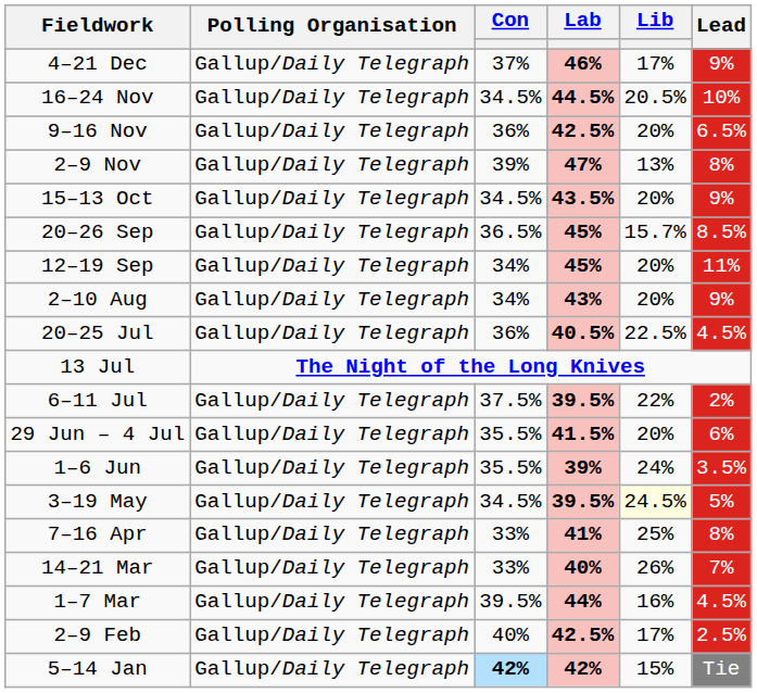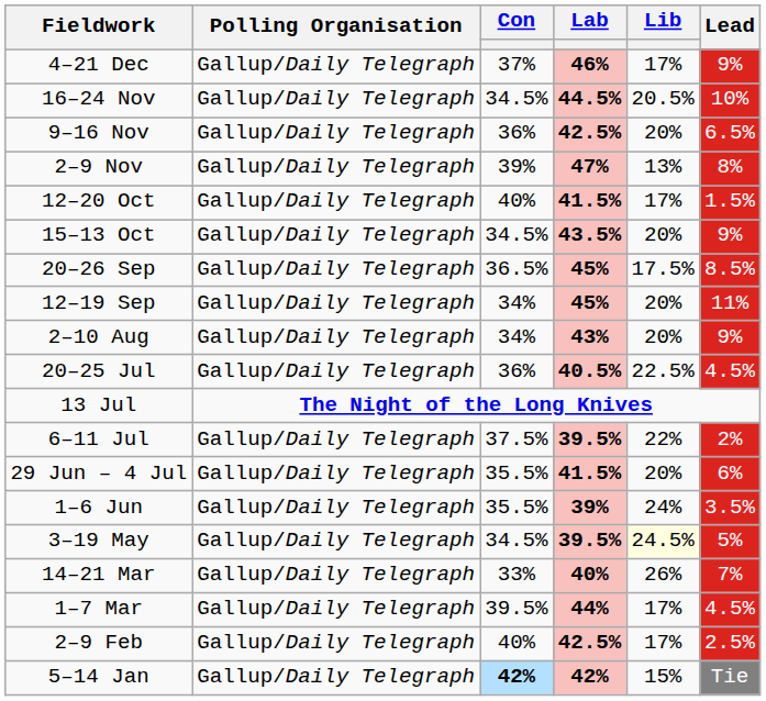 <table class="wikitable" style="text-align: center; line-height: 14px; font-size: 95%;">
 <tr>
 <th rowspan="2">Fieldwork</th>
 <th rowspan="2">Polling Organisation</th>
 <th><a href='#'>Con</a></th>
 <th><a href='#'>Lab</a></th>
 <th><a href='#'>Lib</a></th>
 <th class="unsortable" style="width:20px;" rowspan="2">Lead</th>
 </tr>
 <tr>
 <th style="background:"></th>
 <th style="background:"></th>
 <th style="background:"></th>
 </tr>
 <tr>
 <td>4–21 Dec</td>
 <td>Gallup/<em>Daily Telegraph</em></td>
 <td>37%</td>
 <td style="background:#F8C1BE"><strong>46%</strong></td>
 <td>17%</td>
 <td style="background:#DC241F; color:white;">9%</td>
 </tr>
 <tr>
 <td>16–24 Nov</td>
 <td>Gallup/<em>Daily Telegraph</em></td>
 <td>34.5%</td>
 <td style="background:#F8C1BE"><strong>44.5%</strong></td>
 <td>20.5%</td>
 <td style="background:#DC241F; color:white;">10%</td>
 </tr>
 <tr>
 <td>9–16 Nov</td>
 <td>Gallup/<em>Daily Telegraph</em></td>
 <td>36%</td>
 <td style="background:#F8C1BE"><strong>42.5%</strong></td>
 <td>20%</td>
 <td style="background:#DC241F; color:white;">6.5%</td>
 </tr>
 <tr>
 <td>2–9 Nov</td>
 <td>Gallup/<em>Daily Telegraph</em></td>
 <td>39%</td>
 <td style="background:#F8C1BE"><strong>47%</strong></td>
 <td>13%</td>
 <td style="background:#DC241F; color:white;">8%</td>
 </tr>
 <tr>
+<td>12–20 Oct</td>
+<td>Gallup/<em>Daily Telegraph</em></td>
+<td>40%</td>
+<td style="background:#F8C1BE"><strong>41.5%</strong></td>
+<td>17%</td>
+<td style="background:#DC241F; color:white;">1.5%</td>
+</tr>
+<tr>
 <td>15–13 Oct</td>
 <td>Gallup/<em>Daily Telegraph</em></td>
 <td>34.5%</td>
 <td style="background:#F8C1BE"><strong>43.5%</strong></td>
 <td>20%</td>
 <td style="background:#DC241F; color:white;">9%</td>
 </tr>
 <tr>
 <td>20–26 Sep</td>
 <td>Gallup/<em>Daily Telegraph</em></td>
 <td>36.5%</td>
 <td style="background:#F8C1BE"><strong>45%</strong></td>
-<td>15.7%</td>
+<td>17.5%</td>
 <td style="background:#DC241F; color:white;">8.5%</td>
 </tr>
 <tr>
 <td>12–19 Sep</td>
 <td>Gallup/<em>Daily Telegraph</em></td>
 <td>34%</td>
 <td style="background:#F8C1BE"><strong>45%</strong></td>
 <td>20%</td>
 <td style="background:#DC241F; color:white;">11%</td>
 </tr>
 <tr>
 <td>2–10 Aug</td>
 <td>Gallup/<em>Daily Telegraph</em></td>
 <td>34%</td>
 <td style="background:#F8C1BE"><strong>43%</strong></td>
 <td>20%</td>
 <td style="background:#DC241F; color:white;">9%</td>
 </tr>
 <tr>
 <td>20–25 Jul</td>
 <td>Gallup/<em>Daily Telegraph</em></td>
 <td>36%</td>
 <td style="background:#F8C1BE"><strong>40.5%</strong></td>
 <td>22.5%</td>
 <td style="background:#DC241F; color:white;">4.5%</td>
 </tr>
 <tr>
 <td>13 Jul</td>
 <td colspan="5"><strong><a href='#'>The Night of the Long Knives</a></strong></td>
 </tr>
 <tr>
 <td>6–11 Jul</td>
 <td>Gallup/<em>Daily Telegraph</em></td>
 <td>37.5%</td>
 <td style="background:#F8C1BE"><strong>39.5%</strong></td>
 <td>22%</td>
 <td style="background:#DC241F; color:white;">2%</td>
 </tr>
 <tr>
 <td>29 Jun – 4 Jul</td>
 <td>Gallup/<em>Daily Telegraph</em></td>
 <td>35.5%</td>
 <td style="background:#F8C1BE"><strong>41.5%</strong></td>
 <td>20%</td>
 <td style="background:#DC241F; color:white;">6%</td>
 </tr>
 <tr>
 <td>1–6 Jun</td>
 <td>Gallup/<em>Daily Telegraph</em></td>
 <td>35.5%</td>
 <td style="background:#F8C1BE"><strong>39%</strong></td>
 <td>24%</td>
 <td style="background:#DC241F; color:white;">3.5%</td>
 </tr>
 <tr>
 <td>3–19 May</td>
 <td>Gallup/<em>Daily Telegraph</em></td>
 <td>34.5%</td>
 <td style="background:#F8C1BE"><strong>39.5%</strong></td>
 <td style="background: lightyellow;">24.5%</td>
 <td style="background:#DC241F; color:white;">5%</td>
 </tr>
 <tr>
-<td>7–16 Apr</td>
-<td>Gallup/<em>Daily Telegraph</em></td>
-<td>33%</td>
-<td style="background:#F8C1BE"><strong>41%</strong></td>
-<td>25%</td>
-<td style="background:#DC241F; color:white;">8%</td>
-</tr>
-<tr>
 <td>14–21 Mar</td>
 <td>Gallup/<em>Daily Telegraph</em></td>
 <td>33%</td>
 <td style="background:#F8C1BE"><strong>40%</strong></td>
 <td>26%</td>
 <td style="background:#DC241F; color:white;">7%</td>
 </tr>
 <tr>
 <td>1–7 Mar</td>
 <td>Gallup/<em>Daily Telegraph</em></td>
 <td>39.5%</td>
 <td style="background:#F8C1BE"><strong>44%</strong></td>
-<td>16%</td>
+<td>17%</td>
 <td style="background:#DC241F; color:white;">4.5%</td>
 </tr>
 <tr>
 <td>2–9 Feb</td>
 <td>Gallup/<em>Daily Telegraph</em></td>
 <td>40%</td>
 <td style="background:#F8C1BE"><strong>42.5%</strong></td>
 <td>17%</td>
 <td style="background:#DC241F; color:white;">2.5%</td>
 </tr>
 <tr>
 <td>5–14 Jan</td>
 <td>Gallup/<em>Daily Telegraph</em></td>
 <td style="background:#B3E0FF"><strong>42%</strong></td>
 <td style="background:#F8C1BE"><strong>42%</strong></td>
 <td>15%</td>
 <td style="background:grey; color:white;">Tie</td>
 </tr>
 </table>
